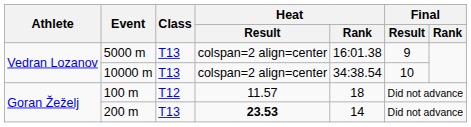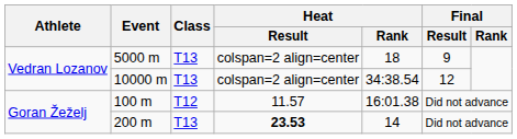 <table class="wikitable" style="font-size:90%">
 <tr>
 <th rowspan="2">Athlete</th>
 <th rowspan="2">Event</th>
 <th rowspan="2">Class</th>
 <th colspan="2">Heat</th>
 <th colspan="2">Final</th>
 </tr>
 <tr style="font-size:95%">
 <th>Result</th>
 <th>Rank</th>
 <th>Result</th>
 <th>Rank</th>
 </tr>
 <tr>
 <td rowspan="2"><a href='#'>Vedran Lozanov</a></td>
 <td>5000 m</td>
 <td><a href='#'>T13</a></td>
 <td>colspan=2 align=center </td>
-<td align=center>16:01.38</td>
+<td align=center>18</td>
 <td align=center>9</td>
 </tr>
 <tr>
 <td>10000 m</td>
 <td><a href='#'>T13</a></td>
 <td>colspan=2 align=center </td>
 <td align=center>34:38.54</td>
-<td align=center>10</td>
+<td align=center>12</td>
 </tr>
 <tr>
 <td rowspan="2"><a href='#'>Goran Žeželj</a></td>
 <td>100 m</td>
 <td><a href='#'>T12</a></td>
 <td align=center>11.57</td>
-<td align=center>18</td>
+<td align=center>16:01.38</td>
 <td colspan=2 align=center><small>Did not advance</small></td>
 </tr>
 <tr>
 <td>200 m</td>
 <td><a href='#'>T13</a></td>
 <td align=center><strong>23.53</strong></td>
 <td align=center>14</td>
 <td colspan=2 align=center><small>Did not advance</small></td>
 </tr>
 </table>
